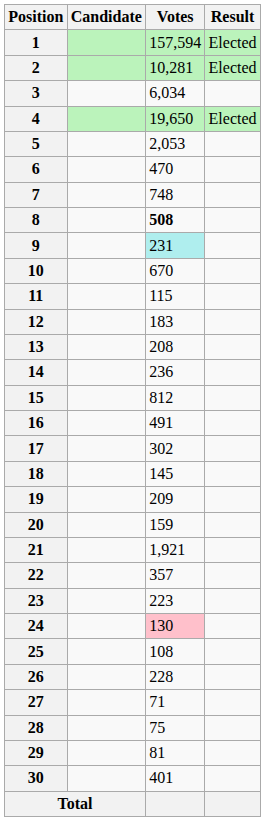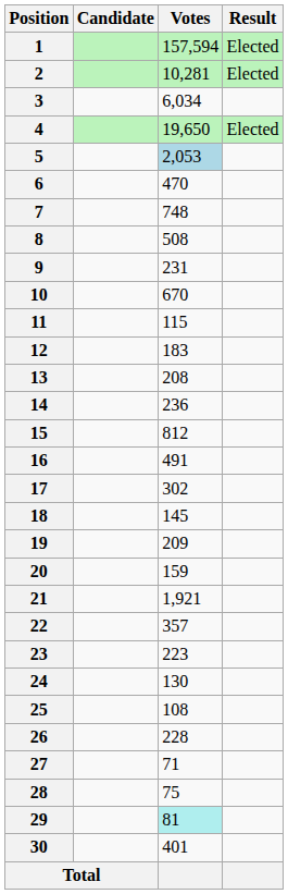 <table class="wikitable sortable col3right">
 <tr>
 <th scope="col">Position</th>
 <th scope="col">Candidate</th>
 <th scope="col">Votes</th>
 <th scope="col">Result</th>
 </tr>
 <tr bgcolor=bbf3bb>
 <th scope="row">1</th>
 <td></td>
 <td>157,594</td>
 <td>Elected</td>
 </tr>
 <tr bgcolor=bbf3bb>
 <th scope="row">2</th>
 <td></td>
 <td>10,281</td>
 <td>Elected</td>
 </tr>
 <tr>
 <th scope="row">3</th>
 <td></td>
 <td>6,034</td>
 <td></td>
 </tr>
 <tr bgcolor=bbf3bb>
 <th scope="row">4</th>
 <td></td>
 <td>19,650</td>
 <td>Elected</td>
 </tr>
 <tr>
 <th scope="row">5</th>
 <td></td>
-<td>2,053</td>
+<td style="background: lightblue;">2,053</td>
 <td></td>
 </tr>
 <tr>
 <th scope="row">6</th>
 <td></td>
 <td>470</td>
 <td></td>
 </tr>
 <tr>
 <th scope="row">7</th>
 <td></td>
 <td>748</td>
 <td></td>
 </tr>
 <tr>
 <th scope="row">8</th>
 <td></td>
-<td><strong>508</strong></td>
+<td>508</td>
 <td></td>
 </tr>
 <tr>
 <th scope="row">9</th>
 <td></td>
-<td style="background: paleturquoise;">231</td>
+<td>231</td>
 <td></td>
 </tr>
 <tr>
 <th scope="row">10</th>
 <td></td>
 <td>670</td>
 <td></td>
 </tr>
 <tr>
 <th scope="row">11</th>
 <td></td>
 <td>115</td>
 <td></td>
 </tr>
 <tr>
 <th scope="row">12</th>
 <td></td>
 <td>183</td>
 <td></td>
 </tr>
 <tr>
 <th scope="row">13</th>
 <td></td>
 <td>208</td>
 <td></td>
 </tr>
 <tr>
 <th scope="row">14</th>
 <td></td>
 <td>236</td>
 <td></td>
 </tr>
 <tr>
 <th scope="row">15</th>
 <td></td>
 <td>812</td>
 <td></td>
 </tr>
 <tr>
 <th scope="row">16</th>
 <td></td>
 <td>491</td>
 <td></td>
 </tr>
 <tr>
 <th scope="row">17</th>
 <td></td>
 <td>302</td>
 <td></td>
 </tr>
 <tr>
 <th scope="row">18</th>
 <td></td>
 <td>145</td>
 <td></td>
 </tr>
 <tr>
 <th scope="row">19</th>
 <td></td>
 <td>209</td>
 <td></td>
 </tr>
 <tr>
 <th scope="row">20</th>
 <td></td>
 <td>159</td>
 <td></td>
 </tr>
 <tr>
 <th scope="row">21</th>
 <td></td>
 <td>1,921</td>
 <td></td>
 </tr>
 <tr>
 <th scope="row">22</th>
 <td></td>
 <td>357</td>
 <td></td>
 </tr>
 <tr>
 <th scope="row">23</th>
 <td></td>
 <td>223</td>
 <td></td>
 </tr>
 <tr>
 <th scope="row">24</th>
 <td></td>
-<td style="background: pink;">130</td>
+<td>130</td>
 <td></td>
 </tr>
 <tr>
 <th scope="row">25</th>
 <td></td>
 <td>108</td>
 <td></td>
 </tr>
 <tr>
 <th scope="row">26</th>
 <td></td>
 <td>228</td>
 <td></td>
 </tr>
 <tr>
 <th scope="row">27</th>
 <td></td>
 <td>71</td>
 <td></td>
 </tr>
 <tr>
 <th scope="row">28</th>
 <td></td>
 <td>75</td>
 <td></td>
 </tr>
 <tr>
 <th scope="row">29</th>
 <td></td>
-<td>81</td>
+<td style="background: paleturquoise;">81</td>
 <td></td>
 </tr>
 <tr>
 <th scope="row">30</th>
 <td></td>
 <td>401</td>
 <td></td>
 </tr>
 <tr class="sortbottom">
 <th scope="row" colspan="2">Total</th>
 <th></th>
 <th></th>
 </tr>
 </table>
